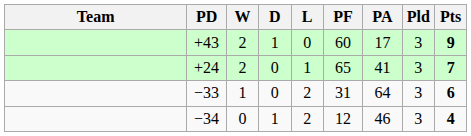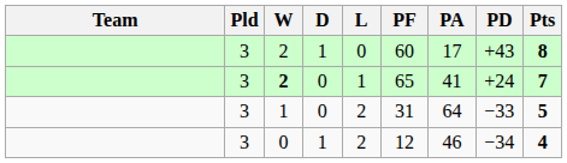 <table class="wikitable" style="text-align:center;">
 <tr>
 <th width=175>Team</th>
-<th width=32 abbr="Points difference">PD</th>
+<th width=25 abbr="Played">Pld</th>
 <th width=25 abbr="Won">W</th>
 <th width=25 abbr="Drawn">D</th>
 <th width=25 abbr="Lost">L</th>
 <th width=32 abbr="Points for">PF</th>
 <th width=32 abbr="Points against">PA</th>
-<th width=25 abbr="Played">Pld</th>
+<th width=32 abbr="Points difference">PD</th>
 <th width=25 abbr="Points">Pts</th>
 </tr>
 <tr bgcolor=ccffcc>
 <td align=left></td>
-<td>+43</td>
+<td>3</td>
 <td>2</td>
 <td>1</td>
 <td>0</td>
 <td>60</td>
 <td>17</td>
-<td>3</td>
-<td><strong>9</strong></td>
+<td>+43</td>
+<td><strong>8</strong></td>
 </tr>
 <tr bgcolor=ccffcc>
 <td align=left></td>
-<td>+24</td>
-<td>2</td>
+<td>3</td>
+<td><strong>2</strong></td>
 <td>0</td>
 <td>1</td>
 <td>65</td>
 <td>41</td>
-<td>3</td>
+<td>+24</td>
 <td><strong>7</strong></td>
 </tr>
 <tr>
 <td align=left></td>
-<td>−33</td>
+<td>3</td>
 <td>1</td>
 <td>0</td>
 <td>2</td>
 <td>31</td>
 <td>64</td>
-<td>3</td>
-<td><strong>6</strong></td>
+<td>−33</td>
+<td><strong>5</strong></td>
 </tr>
 <tr>
 <td align=left></td>
-<td>−34</td>
+<td>3</td>
 <td>0</td>
 <td>1</td>
 <td>2</td>
 <td>12</td>
 <td>46</td>
-<td>3</td>
+<td>−34</td>
 <td><strong>4</strong></td>
 </tr>
 </table>
